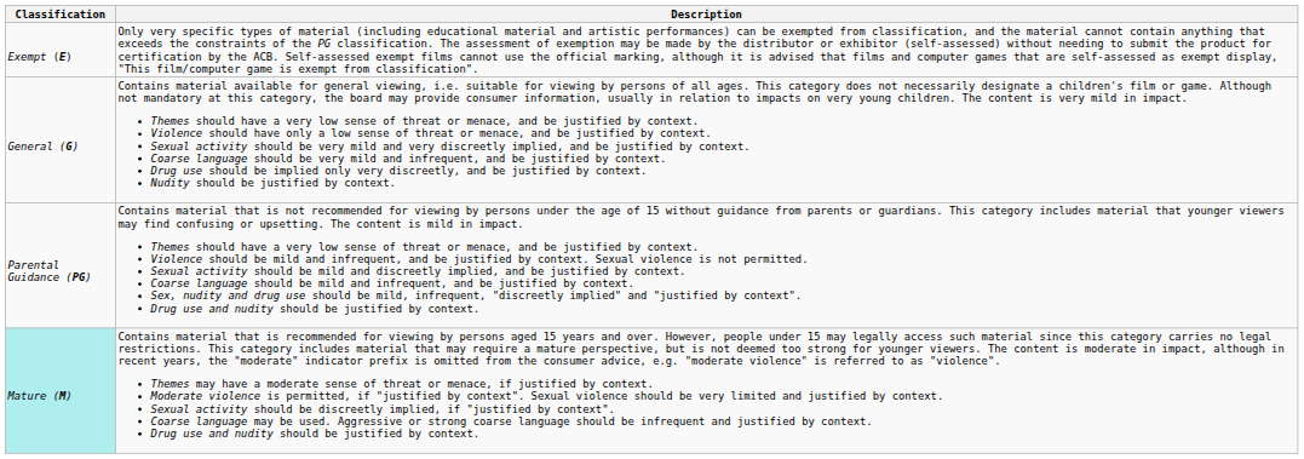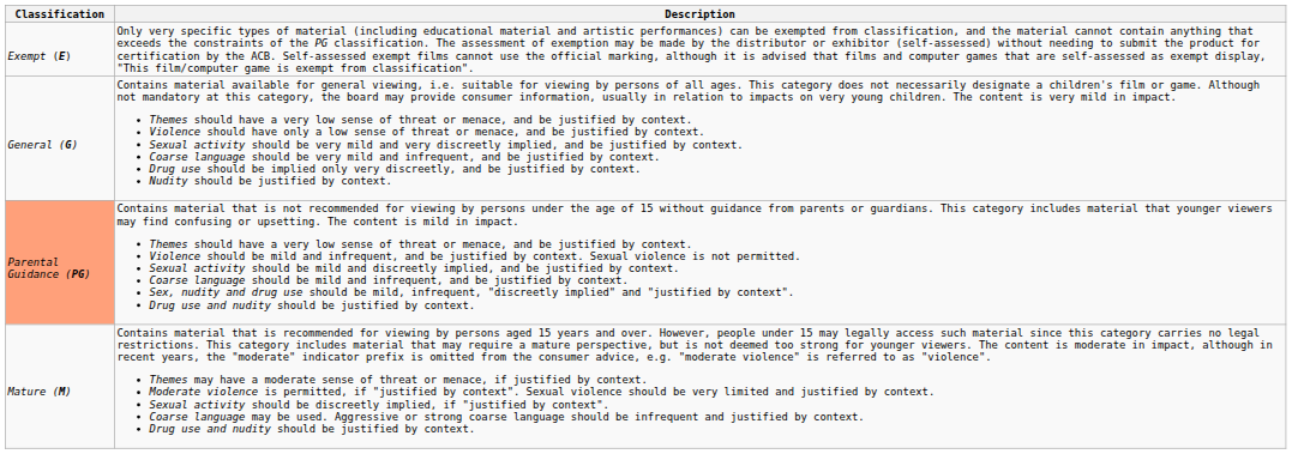 <table class="wikitable">
 <tr>
 <th>Classification</th>
 <th>Description</th>
 </tr>
 <tr>
 <td>  <br><em>Exempt</em> (<strong><em>E</em></strong>)</td>
 <td>Only very specific types of material (including educational material and artistic performances) can be exempted from classification, and the material cannot contain anything that exceeds the constraints of the <em>PG</em> classification. The assessment of exemption may be made by the distributor or exhibitor (self-assessed) without needing to submit the product for certification by the ACB. Self-assessed exempt films cannot use the official marking, although it is advised that films and computer games that are self-assessed as exempt display, "This film/computer game is exempt from classification".</td>
 </tr>
 <tr>
 <td>  <br><em>General (<strong>G</strong>)</em></td>
 <td>Contains material available for general viewing, i.e. suitable for viewing by persons of all ages. This category does not necessarily designate a children's film or game. Although not mandatory at this category, the board may provide consumer information, usually in relation to impacts on very young children. The content is very mild in impact.<br><ul><li><em>Themes</em> should have a very low sense of threat or menace, and be justified by context.</li><li><em>Violence</em> should have only a low sense of threat or menace, and be justified by context.</li><li><em>Sexual activity</em> should be very mild and very discreetly implied, and be justified by context.</li><li><em>Coarse language</em> should be very mild and infrequent, and be justified by context.</li><li><em>Drug use</em> should be implied only very discreetly, and be justified by context.</li><li><em>Nudity</em> should be justified by context.</li></ul></td>
 </tr>
 <tr>
-<td>  <br><em>Parental Guidance (<strong>PG</strong>)</em></td>
+<td style="background: lightsalmon;">  <br><em>Parental Guidance (<strong>PG</strong>)</em></td>
 <td>Contains material that is not recommended for viewing by persons under the age of 15 without guidance from parents or guardians. This category includes material that younger viewers may find confusing or upsetting. The content is mild in impact.<br><ul><li><em>Themes</em> should have a very low sense of threat or menace, and be justified by context.</li><li><em>Violence</em> should be mild and infrequent, and be justified by context. Sexual violence is not permitted.</li><li><em>Sexual activity</em> should be mild and discreetly implied, and be justified by context.</li><li><em>Coarse language</em> should be mild and infrequent, and be justified by context.</li><li><em>Sex, nudity and drug use</em> should be mild, infrequent, "discreetly implied" and "justified by context".</li><li><em>Drug use and nudity</em> should be justified by context.</li></ul></td>
 </tr>
 <tr>
-<td style="background: paleturquoise;">  <br><em>Mature (<strong>M</strong>)</em></td>
+<td>  <br><em>Mature (<strong>M</strong>)</em></td>
 <td>Contains material that is recommended for viewing by persons aged 15 years and over. However, people under 15 may legally access such material since this category carries no legal restrictions. This category includes material that may require a mature perspective, but is not deemed too strong for younger viewers. The content is moderate in impact, although in recent years, the "moderate" indicator prefix is omitted from the consumer advice, e.g. "moderate violence" is referred to as "violence".<br><ul><li><em>Themes</em> may have a moderate sense of threat or menace, if justified by context.</li><li><em>Moderate violence</em> is permitted, if "justified by context". Sexual violence should be very limited and justified by context.</li><li><em>Sexual activity</em> should be discreetly implied, if "justified by context".</li><li><em>Coarse language</em> may be used. Aggressive or strong coarse language should be infrequent and justified by context.</li><li><em>Drug use and nudity</em> should be justified by context.</li></ul></td>
 </tr>
 </table>
